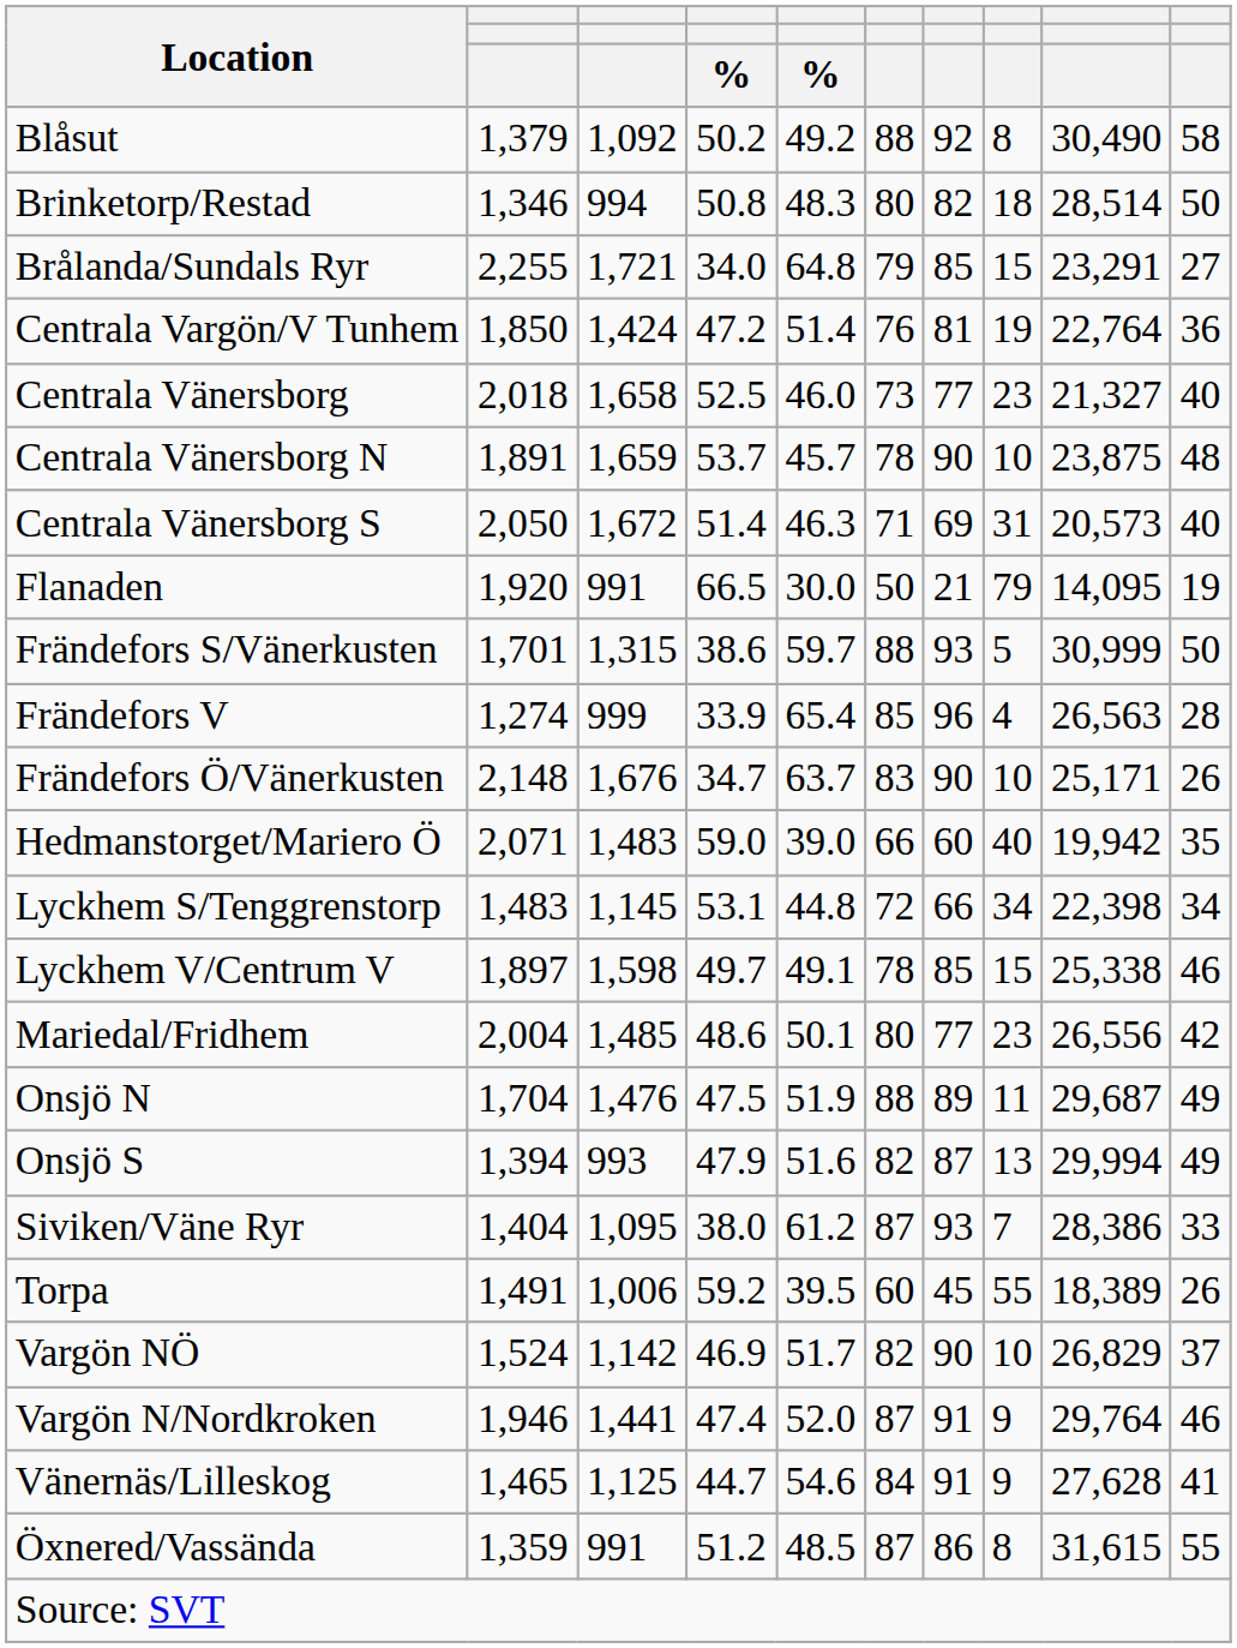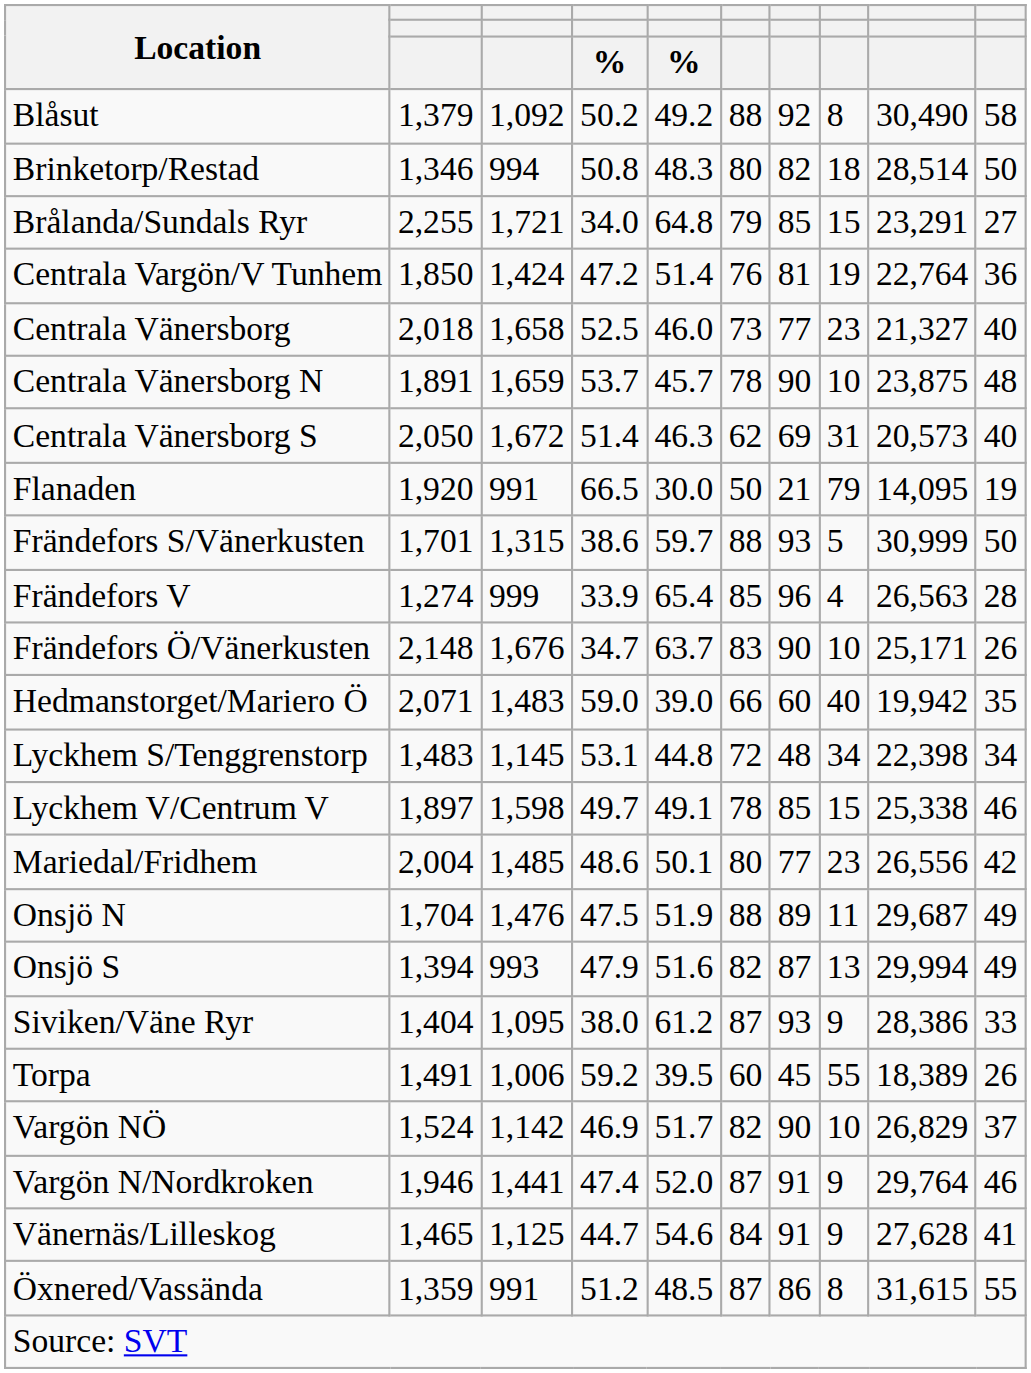 <table role="presentation" class="wikitable sortable mw-collapsible mw-collapsed">
 <tr>
 <th rowspan="3">Location</th>
 <th></th>
 <th></th>
 <th></th>
 <th></th>
 <th></th>
 <th></th>
 <th></th>
 <th></th>
 <th></th>
 </tr>
 <tr>
 <th></th>
 <th></th>
 <th style="background:"></th>
 <th style="background:"></th>
 <th></th>
 <th></th>
 <th></th>
 <th></th>
 <th></th>
 </tr>
 <tr>
 <th data-sort-type="number"></th>
 <th data-sort-type="number"></th>
 <th data-sort-type="number">%</th>
 <th data-sort-type="number">%</th>
 <th data-sort-type="number"></th>
 <th data-sort-type="number"></th>
 <th data-sort-type="number"></th>
 <th data-sort-type="number"></th>
 <th data-sort-type="number"></th>
 </tr>
 <tr>
 <td align="left">Blåsut</td>
 <td>1,379</td>
 <td>1,092</td>
 <td>50.2</td>
 <td>49.2</td>
 <td>88</td>
 <td>92</td>
 <td>8</td>
 <td>30,490</td>
 <td>58</td>
 </tr>
 <tr>
 <td align="left">Brinketorp/Restad</td>
 <td>1,346</td>
 <td>994</td>
 <td>50.8</td>
 <td>48.3</td>
 <td>80</td>
 <td>82</td>
 <td>18</td>
 <td>28,514</td>
 <td>50</td>
 </tr>
 <tr>
 <td align="left">Brålanda/Sundals Ryr</td>
 <td>2,255</td>
 <td>1,721</td>
 <td>34.0</td>
 <td>64.8</td>
 <td>79</td>
 <td>85</td>
 <td>15</td>
 <td>23,291</td>
 <td>27</td>
 </tr>
 <tr>
 <td align="left">Centrala Vargön/V Tunhem</td>
 <td>1,850</td>
 <td>1,424</td>
 <td>47.2</td>
 <td>51.4</td>
 <td>76</td>
 <td>81</td>
 <td>19</td>
 <td>22,764</td>
 <td>36</td>
 </tr>
 <tr>
 <td align="left">Centrala Vänersborg</td>
 <td>2,018</td>
 <td>1,658</td>
 <td>52.5</td>
 <td>46.0</td>
 <td>73</td>
 <td>77</td>
 <td>23</td>
 <td>21,327</td>
 <td>40</td>
 </tr>
 <tr>
 <td align="left">Centrala Vänersborg N</td>
 <td>1,891</td>
 <td>1,659</td>
 <td>53.7</td>
 <td>45.7</td>
 <td>78</td>
 <td>90</td>
 <td>10</td>
 <td>23,875</td>
 <td>48</td>
 </tr>
 <tr>
 <td align="left">Centrala Vänersborg S</td>
 <td>2,050</td>
 <td>1,672</td>
 <td>51.4</td>
 <td>46.3</td>
-<td>71</td>
+<td>62</td>
 <td>69</td>
 <td>31</td>
 <td>20,573</td>
 <td>40</td>
 </tr>
 <tr>
 <td align="left">Flanaden</td>
 <td>1,920</td>
 <td>991</td>
 <td>66.5</td>
 <td>30.0</td>
 <td>50</td>
 <td>21</td>
 <td>79</td>
 <td>14,095</td>
 <td>19</td>
 </tr>
 <tr>
 <td align="left">Frändefors S/Vänerkusten</td>
 <td>1,701</td>
 <td>1,315</td>
 <td>38.6</td>
 <td>59.7</td>
 <td>88</td>
 <td>93</td>
 <td>5</td>
 <td>30,999</td>
 <td>50</td>
 </tr>
 <tr>
 <td align="left">Frändefors V</td>
 <td>1,274</td>
 <td>999</td>
 <td>33.9</td>
 <td>65.4</td>
 <td>85</td>
 <td>96</td>
 <td>4</td>
 <td>26,563</td>
 <td>28</td>
 </tr>
 <tr>
 <td align="left">Frändefors Ö/Vänerkusten</td>
 <td>2,148</td>
 <td>1,676</td>
 <td>34.7</td>
 <td>63.7</td>
 <td>83</td>
 <td>90</td>
 <td>10</td>
 <td>25,171</td>
 <td>26</td>
 </tr>
 <tr>
 <td align="left">Hedmanstorget/Mariero Ö</td>
 <td>2,071</td>
 <td>1,483</td>
 <td>59.0</td>
 <td>39.0</td>
 <td>66</td>
 <td>60</td>
 <td>40</td>
 <td>19,942</td>
 <td>35</td>
 </tr>
 <tr>
 <td align="left">Lyckhem S/Tenggrenstorp</td>
 <td>1,483</td>
 <td>1,145</td>
 <td>53.1</td>
 <td>44.8</td>
 <td>72</td>
-<td>66</td>
+<td>48</td>
 <td>34</td>
 <td>22,398</td>
 <td>34</td>
 </tr>
 <tr>
 <td align="left">Lyckhem V/Centrum V</td>
 <td>1,897</td>
 <td>1,598</td>
 <td>49.7</td>
 <td>49.1</td>
 <td>78</td>
 <td>85</td>
 <td>15</td>
 <td>25,338</td>
 <td>46</td>
 </tr>
 <tr>
 <td align="left">Mariedal/Fridhem</td>
 <td>2,004</td>
 <td>1,485</td>
 <td>48.6</td>
 <td>50.1</td>
 <td>80</td>
 <td>77</td>
 <td>23</td>
 <td>26,556</td>
 <td>42</td>
 </tr>
 <tr>
 <td align="left">Onsjö N</td>
 <td>1,704</td>
 <td>1,476</td>
 <td>47.5</td>
 <td>51.9</td>
 <td>88</td>
 <td>89</td>
 <td>11</td>
 <td>29,687</td>
 <td>49</td>
 </tr>
 <tr>
 <td align="left">Onsjö S</td>
 <td>1,394</td>
 <td>993</td>
 <td>47.9</td>
 <td>51.6</td>
 <td>82</td>
 <td>87</td>
 <td>13</td>
 <td>29,994</td>
 <td>49</td>
 </tr>
 <tr>
 <td align="left">Siviken/Väne Ryr</td>
 <td>1,404</td>
 <td>1,095</td>
 <td>38.0</td>
 <td>61.2</td>
 <td>87</td>
 <td>93</td>
-<td>7</td>
+<td>9</td>
 <td>28,386</td>
 <td>33</td>
 </tr>
 <tr>
 <td align="left">Torpa</td>
 <td>1,491</td>
 <td>1,006</td>
 <td>59.2</td>
 <td>39.5</td>
 <td>60</td>
 <td>45</td>
 <td>55</td>
 <td>18,389</td>
 <td>26</td>
 </tr>
 <tr>
 <td align="left">Vargön NÖ</td>
 <td>1,524</td>
 <td>1,142</td>
 <td>46.9</td>
 <td>51.7</td>
 <td>82</td>
 <td>90</td>
 <td>10</td>
 <td>26,829</td>
 <td>37</td>
 </tr>
 <tr>
 <td align="left">Vargön N/Nordkroken</td>
 <td>1,946</td>
 <td>1,441</td>
 <td>47.4</td>
 <td>52.0</td>
 <td>87</td>
 <td>91</td>
 <td>9</td>
 <td>29,764</td>
 <td>46</td>
 </tr>
 <tr>
 <td align="left">Vänernäs/Lilleskog</td>
 <td>1,465</td>
 <td>1,125</td>
 <td>44.7</td>
 <td>54.6</td>
 <td>84</td>
 <td>91</td>
 <td>9</td>
 <td>27,628</td>
 <td>41</td>
 </tr>
 <tr>
 <td align="left">Öxnered/Vassända</td>
 <td>1,359</td>
 <td>991</td>
 <td>51.2</td>
 <td>48.5</td>
 <td>87</td>
 <td>86</td>
 <td>8</td>
 <td>31,615</td>
 <td>55</td>
 </tr>
 <tr>
 <td colspan="10" align="left">Source: <a href='#'>SVT</a></td>
 </tr>
 </table>
